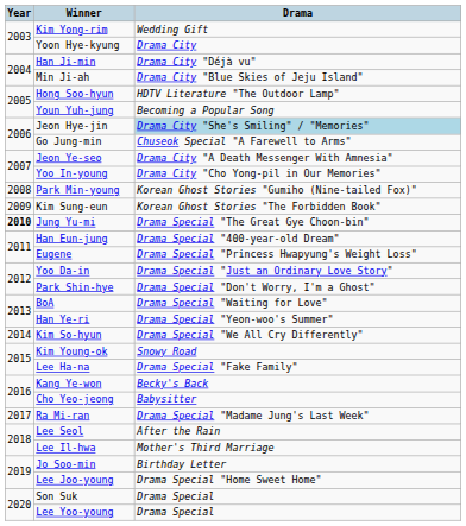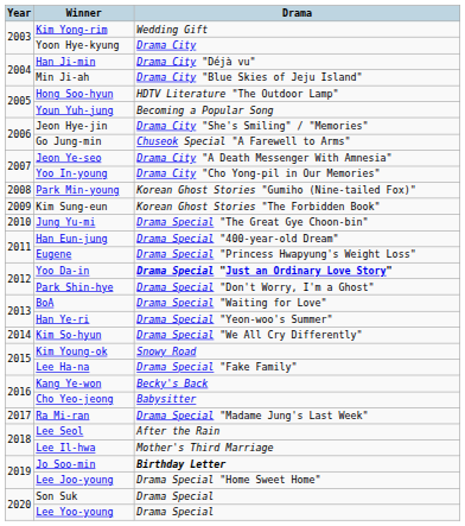 <table class="wikitable" style="width:600px">
 <tr>
 <th style="background:#BED5E1;" width="30">Year</th>
 <th style="background:#BED5E1;">Winner</th>
 <th style="background:#BED5E1;">Drama</th>
 </tr>
 <tr>
 <td rowspan="2">2003</td>
 <td><a href='#'>Kim Yong-rim</a></td>
 <td><em>Wedding Gift</em></td>
 </tr>
 <tr>
 <td>Yoon Hye-kyung</td>
 <td><em><a href='#'>Drama City</a></em></td>
 </tr>
 <tr>
 <td rowspan="2">2004</td>
 <td><a href='#'>Han Ji-min</a></td>
 <td><em><a href='#'>Drama City</a></em> "Déjà vu"</td>
 </tr>
 <tr>
 <td>Min Ji-ah</td>
 <td><em><a href='#'>Drama City</a></em> "Blue Skies of Jeju Island"</td>
 </tr>
 <tr>
 <td rowspan="2">2005</td>
 <td><a href='#'>Hong Soo-hyun</a></td>
 <td><em>HDTV Literature</em> "The Outdoor Lamp"</td>
 </tr>
 <tr>
 <td><a href='#'>Youn Yuh-jung</a></td>
 <td><em>Becoming a Popular Song</em></td>
 </tr>
 <tr>
 <td rowspan="2">2006</td>
 <td>Jeon Hye-jin</td>
-<td style="background: lightblue;"><em><a href='#'>Drama City</a></em> "She's Smiling" / "Memories"</td>
+<td><em><a href='#'>Drama City</a></em> "She's Smiling" / "Memories"</td>
 </tr>
 <tr>
 <td>Go Jung-min</td>
 <td><em><a href='#'>Chuseok</a> Special</em> "A Farewell to Arms"</td>
 </tr>
 <tr>
 <td rowspan="2">2007</td>
 <td><a href='#'>Jeon Ye-seo</a></td>
 <td><em><a href='#'>Drama City</a></em> "A Death Messenger With Amnesia"</td>
 </tr>
 <tr>
 <td><a href='#'>Yoo In-young</a></td>
 <td><em><a href='#'>Drama City</a></em> "Cho Yong-pil in Our Memories"</td>
 </tr>
 <tr>
 <td>2008</td>
 <td><a href='#'>Park Min-young</a></td>
 <td><em>Korean Ghost Stories</em> "Gumiho (Nine-tailed Fox)"</td>
 </tr>
 <tr>
 <td>2009</td>
 <td>Kim Sung-eun</td>
 <td><em>Korean Ghost Stories</em> "The Forbidden Book"</td>
 </tr>
 <tr>
-<td><strong>2010</strong></td>
+<td>2010</td>
 <td><a href='#'>Jung Yu-mi</a></td>
 <td><em><a href='#'>Drama Special</a></em> "The Great Gye Choon-bin"</td>
 </tr>
 <tr>
 <td rowspan="2">2011</td>
 <td><a href='#'>Han Eun-jung</a></td>
 <td><em><a href='#'>Drama Special</a></em> "400-year-old Dream"</td>
 </tr>
 <tr>
 <td><a href='#'>Eugene</a></td>
 <td><em><a href='#'>Drama Special</a></em> "Princess Hwapyung's Weight Loss"</td>
 </tr>
 <tr>
 <td rowspan="2">2012</td>
 <td><a href='#'>Yoo Da-in</a></td>
-<td><em><a href='#'>Drama Special</a></em> "<a href='#'>Just an Ordinary Love Story</a>"</td>
+<td><strong><em><a href='#'>Drama Special</a></em> "<a href='#'>Just an Ordinary Love Story</a>"</strong></td>
 </tr>
 <tr>
 <td><a href='#'>Park Shin-hye</a></td>
 <td><em><a href='#'>Drama Special</a></em> "Don't Worry, I'm a Ghost"</td>
 </tr>
 <tr>
 <td rowspan="2">2013</td>
 <td><a href='#'>BoA</a></td>
 <td><em><a href='#'>Drama Special</a></em> "Waiting for Love"</td>
 </tr>
 <tr>
 <td><a href='#'>Han Ye-ri</a></td>
 <td><em><a href='#'>Drama Special</a></em> "Yeon-woo's Summer"</td>
 </tr>
 <tr>
 <td>2014</td>
 <td><a href='#'>Kim So-hyun</a></td>
 <td><em><a href='#'>Drama Special</a></em> "We All Cry Differently"</td>
 </tr>
 <tr>
 <td rowspan="2">2015</td>
 <td><a href='#'>Kim Young-ok</a></td>
 <td><em><a href='#'>Snowy Road</a></em></td>
 </tr>
 <tr>
 <td><a href='#'>Lee Ha-na</a></td>
 <td><em><a href='#'>Drama Special</a></em> "Fake Family"</td>
 </tr>
 <tr>
 <td rowspan="2">2016</td>
 <td><a href='#'>Kang Ye-won</a></td>
 <td><em><a href='#'>Becky's Back</a></em></td>
 </tr>
 <tr>
 <td><a href='#'>Cho Yeo-jeong</a></td>
 <td><em><a href='#'>Babysitter</a></em></td>
 </tr>
 <tr>
 <td>2017</td>
 <td><a href='#'>Ra Mi-ran</a></td>
 <td><em><a href='#'>Drama Special</a></em> "Madame Jung's Last Week"</td>
 </tr>
 <tr>
 <td rowspan="2">2018</td>
 <td><a href='#'>Lee Seol</a></td>
 <td><em>After the Rain</em></td>
 </tr>
 <tr>
 <td><a href='#'>Lee Il-hwa</a></td>
 <td><em>Mother's Third Marriage</em></td>
 </tr>
 <tr>
 <td rowspan="2">2019</td>
 <td><a href='#'>Jo Soo-min</a></td>
-<td><em>Birthday Letter</em></td>
+<td><strong><em>Birthday Letter</em></strong></td>
 </tr>
 <tr>
 <td><a href='#'>Lee Joo-young</a></td>
 <td><em>Drama Special</em> "Home Sweet Home"</td>
 </tr>
 <tr>
 <td rowspan="2">2020</td>
 <td>Son Suk</td>
 <td><em>Drama Special</em></td>
 </tr>
 <tr>
 <td><a href='#'>Lee Yoo-young</a></td>
 <td><em>Drama Special</em></td>
 </tr>
 </table>
